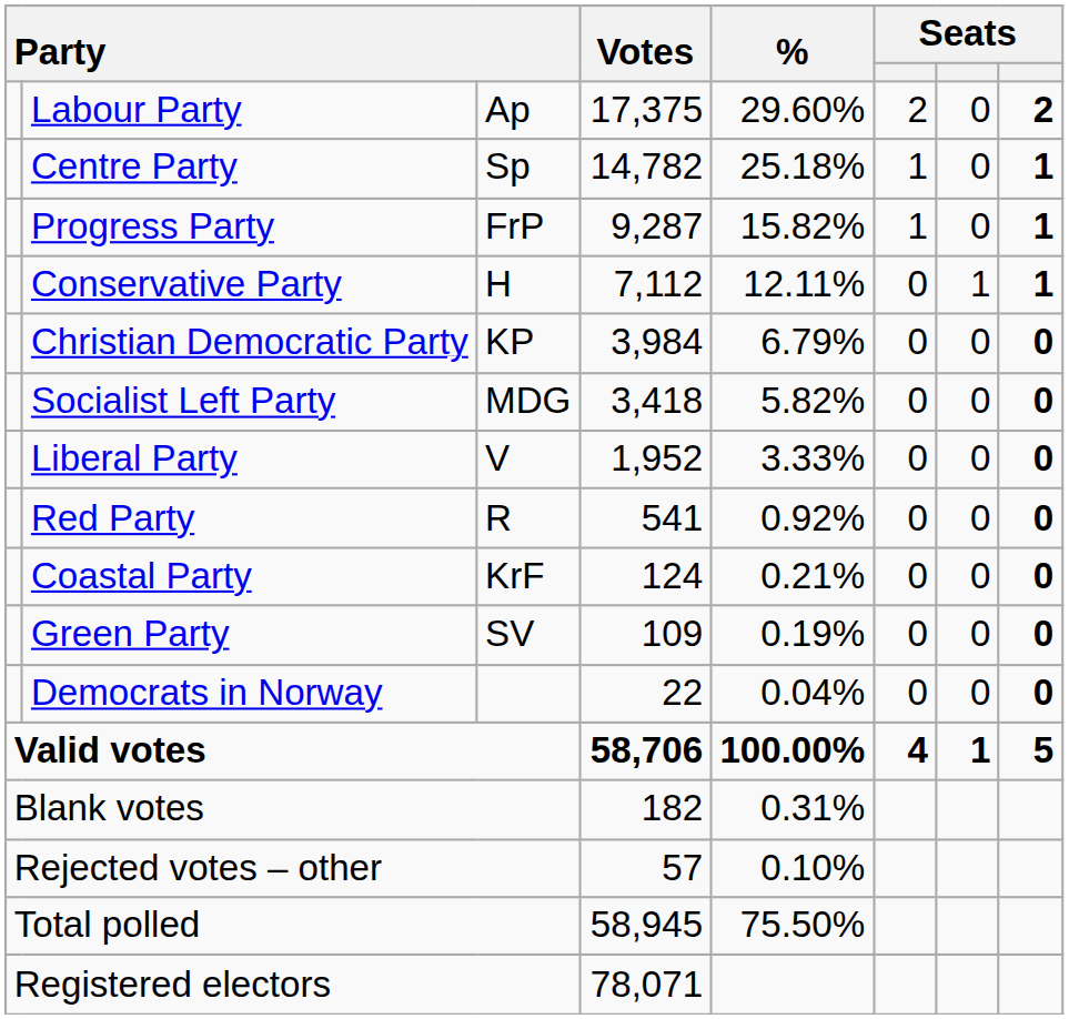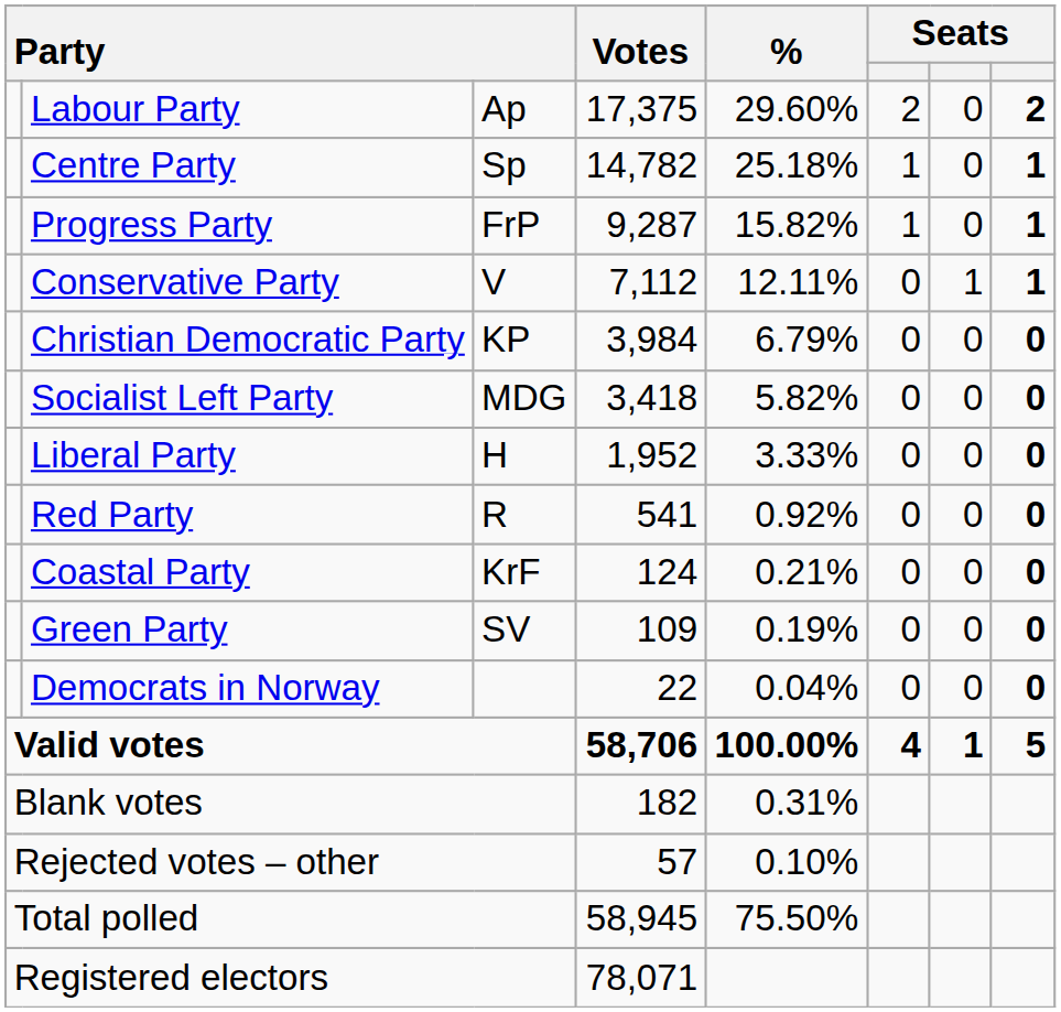 <table class="wikitable" border="1" style="text-align:right;">
 <tr>
 <th style="text-align:left;" valign=bottom rowspan=2 colspan=3>Party</th>
 <th align=center valign=bottom rowspan=2 width="50">Votes</th>
 <th align=center valign=bottom rowspan=2 width="50">%</th>
 <th colspan=3>Seats</th>
 </tr>
 <tr>
 <th align=center valign=bottom width="20"><small></small></th>
 <th align=center valign=bottom width="20"><small><a href='#'></a></small></th>
 <th align=center valign=bottom width="20"><small></small></th>
 </tr>
 <tr>
 <td style="color:inherit;background:"></td>
 <td align=left><a href='#'>Labour Party</a></td>
 <td align=left>Ap</td>
 <td>17,375</td>
 <td>29.60%</td>
 <td>2</td>
 <td>0</td>
 <td><strong>2</strong></td>
 </tr>
 <tr>
 <td style="color:inherit;background:"></td>
 <td align=left><a href='#'>Centre Party</a></td>
 <td align=left>Sp</td>
 <td>14,782</td>
 <td>25.18%</td>
 <td>1</td>
 <td>0</td>
 <td><strong>1</strong></td>
 </tr>
 <tr>
 <td style="color:inherit;background:"></td>
 <td align=left><a href='#'>Progress Party</a></td>
 <td align=left>FrP</td>
 <td>9,287</td>
 <td>15.82%</td>
 <td>1</td>
 <td>0</td>
 <td><strong>1</strong></td>
 </tr>
 <tr>
 <td style="color:inherit;background:"></td>
 <td align=left><a href='#'>Conservative Party</a></td>
-<td align=left>H</td>
+<td align=left>V</td>
 <td>7,112</td>
 <td>12.11%</td>
 <td>0</td>
 <td>1</td>
 <td><strong>1</strong></td>
 </tr>
 <tr>
 <td style="color:inherit;background:"></td>
 <td align=left><a href='#'>Christian Democratic Party</a></td>
 <td align=left>KP</td>
 <td>3,984</td>
 <td>6.79%</td>
 <td>0</td>
 <td>0</td>
 <td><strong>0</strong></td>
 </tr>
 <tr>
 <td style="color:inherit;background:"></td>
 <td align=left><a href='#'>Socialist Left Party</a></td>
 <td align=left>MDG</td>
 <td>3,418</td>
 <td>5.82%</td>
 <td>0</td>
 <td>0</td>
 <td><strong>0</strong></td>
 </tr>
 <tr>
 <td style="color:inherit;background:"></td>
 <td align=left><a href='#'>Liberal Party</a></td>
-<td align=left>V</td>
+<td align=left>H</td>
 <td>1,952</td>
 <td>3.33%</td>
 <td>0</td>
 <td>0</td>
 <td><strong>0</strong></td>
 </tr>
 <tr>
 <td style="color:inherit;background:"></td>
 <td align=left><a href='#'>Red Party</a></td>
 <td align=left>R</td>
 <td>541</td>
 <td>0.92%</td>
 <td>0</td>
 <td>0</td>
 <td><strong>0</strong></td>
 </tr>
 <tr>
 <td style="color:inherit;background:"></td>
 <td align=left><a href='#'>Coastal Party</a></td>
 <td align=left>KrF</td>
 <td>124</td>
 <td>0.21%</td>
 <td>0</td>
 <td>0</td>
 <td><strong>0</strong></td>
 </tr>
 <tr>
 <td style="color:inherit;background:"></td>
 <td align=left><a href='#'>Green Party</a></td>
 <td align=left>SV</td>
 <td>109</td>
 <td>0.19%</td>
 <td>0</td>
 <td>0</td>
 <td><strong>0</strong></td>
 </tr>
 <tr>
 <td style="color:inherit;background:"></td>
 <td align=left><a href='#'>Democrats in Norway</a></td>
 <td align=left></td>
 <td>22</td>
 <td>0.04%</td>
 <td>0</td>
 <td>0</td>
 <td><strong>0</strong></td>
 </tr>
 <tr style="font-weight:bold">
 <td align=left colspan=3>Valid votes</td>
 <td>58,706</td>
 <td>100.00%</td>
 <td>4</td>
 <td>1</td>
 <td>5</td>
 </tr>
 <tr>
 <td align=left colspan=3>Blank votes</td>
 <td>182</td>
 <td>0.31%</td>
 <td></td>
 <td></td>
 <td></td>
 </tr>
 <tr>
 <td align=left colspan=3>Rejected votes – other</td>
 <td>57</td>
 <td>0.10%</td>
 <td></td>
 <td></td>
 <td></td>
 </tr>
 <tr>
 <td align=left colspan=3>Total polled</td>
 <td>58,945</td>
 <td>75.50%</td>
 <td></td>
 <td></td>
 <td></td>
 </tr>
 <tr>
 <td align=left colspan=3>Registered electors</td>
 <td>78,071</td>
 <td></td>
 <td></td>
 <td></td>
 <td></td>
 </tr>
 </table>
